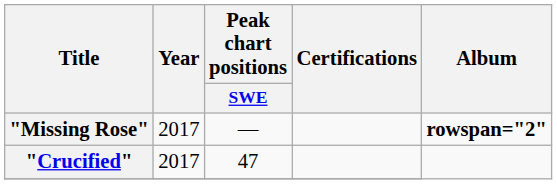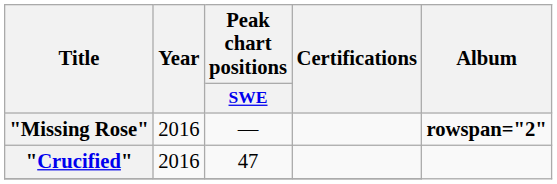 <table class="wikitable plainrowheaders" style="text-align:center;">
 <tr>
 <th scope="col" rowspan="2">Title</th>
 <th scope="col" rowspan="2">Year</th>
 <th scope="col">Peak chart positions</th>
 <th scope="col" rowspan="2">Certifications</th>
 <th scope="col" rowspan="2">Album</th>
 </tr>
 <tr>
 <th scope="col" style="width:3em;font-size:85%;"><a href='#'>SWE</a><br></th>
 </tr>
 <tr>
 <th scope="row">"Missing Rose"</th>
-<td>2017</td>
+<td>2016</td>
 <td>—</td>
 <td></td>
 <td><strong>rowspan="2" <em></em></strong></td>
 </tr>
 <tr>
 <th scope="row">"<a href='#'>Crucified</a>"</th>
-<td>2017</td>
+<td>2016</td>
 <td>47</td>
 <td></td>
 </tr>
 <tr>
 </tr>
 </table>
